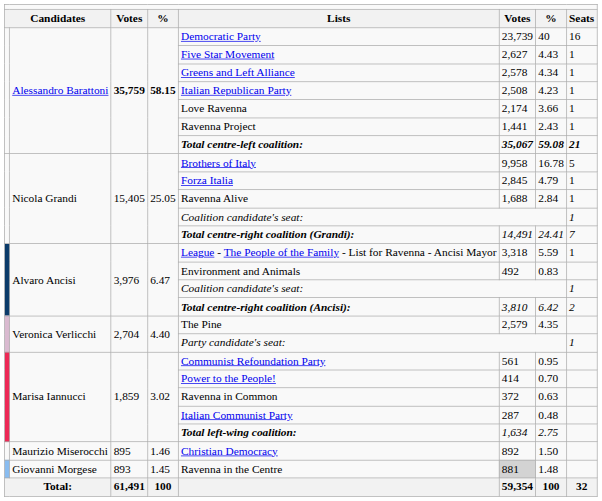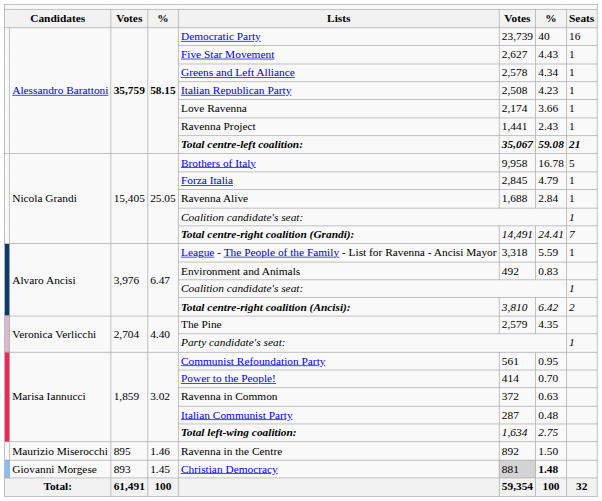 <table class="wikitable">
 <tr>
 <td colspan="8"></td>
 </tr>
 <tr>
 <th colspan="2">Candidates</th>
 <th>Votes</th>
 <th>%</th>
 <th>Lists</th>
 <th>Votes</th>
 <th>%</th>
 <th>Seats</th>
 </tr>
 <tr>
 <td rowspan="7"></td>
 <td rowspan="7"><a href='#'>Alessandro Barattoni</a> </td>
 <td rowspan="7"><strong>35,759</strong></td>
 <td rowspan="7"><strong>58.15</strong></td>
 <td><a href='#'>Democratic Party</a></td>
 <td>23,739</td>
 <td>40</td>
 <td>16</td>
 </tr>
 <tr>
 <td><a href='#'>Five Star Movement</a></td>
 <td>2,627</td>
 <td>4.43</td>
 <td>1</td>
 </tr>
 <tr>
 <td><a href='#'>Greens and Left Alliance</a></td>
 <td>2,578</td>
 <td>4.34</td>
 <td>1</td>
 </tr>
 <tr>
 <td><a href='#'>Italian Republican Party</a></td>
 <td>2,508</td>
 <td>4.23</td>
 <td>1</td>
 </tr>
 <tr>
 <td>Love Ravenna</td>
 <td>2,174</td>
 <td>3.66</td>
 <td>1</td>
 </tr>
 <tr>
 <td>Ravenna Project</td>
 <td>1,441</td>
 <td>2.43</td>
 <td>1</td>
 </tr>
 <tr>
 <td><strong><em>Total centre-left coalition:</em></strong></td>
 <td><strong><em>35,067</em></strong></td>
 <td><strong><em>59.08</em></strong></td>
 <td><strong><em>21</em></strong></td>
 </tr>
 <tr>
 <td rowspan="5"></td>
 <td rowspan="5">Nicola Grandi</td>
 <td rowspan="5">15,405</td>
 <td rowspan="5">25.05</td>
 <td><a href='#'>Brothers of Italy</a></td>
 <td>9,958</td>
 <td>16.78</td>
 <td>5</td>
 </tr>
 <tr>
 <td><a href='#'>Forza Italia</a></td>
 <td>2,845</td>
 <td>4.79</td>
 <td>1</td>
 </tr>
 <tr>
 <td>Ravenna Alive</td>
 <td>1,688</td>
 <td>2.84</td>
 <td>1</td>
 </tr>
 <tr>
 <td colspan="3"><em>Coalition candidate's seat:</em></td>
 <td><em>1</em></td>
 </tr>
 <tr>
 <td><strong><em>Total centre-right coalition (Grandi):</em></strong></td>
 <td><em>14,491</em></td>
 <td><em>24.41</em></td>
 <td><em>7</em></td>
 </tr>
 <tr>
 <td rowspan="4" bgcolor="#0B3B6A"></td>
 <td rowspan="4">Alvaro Ancisi</td>
 <td rowspan="4">3,976</td>
 <td rowspan="4">6.47</td>
 <td><a href='#'>League</a> - <a href='#'>The People of the Family</a> - List for Ravenna - Ancisi Mayor</td>
 <td>3,318</td>
 <td>5.59</td>
 <td>1</td>
 </tr>
 <tr>
 <td>Environment and Animals</td>
 <td>492</td>
 <td>0.83</td>
 <td></td>
 </tr>
 <tr>
 <td colspan="3"><em>Coalition candidate's seat:</em></td>
 <td><em>1</em></td>
 </tr>
 <tr>
 <td><strong><em>Total centre-right coalition (Ancisi):</em></strong></td>
 <td><em>3,810</em></td>
 <td><em>6.42</em></td>
 <td><em>2</em></td>
 </tr>
 <tr>
 <td rowspan="2" bgcolor="#DABAD0"></td>
 <td rowspan="2">Veronica Verlicchi</td>
 <td rowspan="2">2,704</td>
 <td rowspan="2">4.40</td>
 <td>The Pine</td>
 <td>2,579</td>
 <td>4.35</td>
 <td></td>
 </tr>
 <tr>
 <td colspan="3"><em>Party candidate's seat:</em></td>
 <td><em>1</em></td>
 </tr>
 <tr>
 <td rowspan="5" bgcolor="#ED2855"></td>
 <td rowspan="5">Marisa Iannucci</td>
 <td rowspan="5">1,859</td>
 <td rowspan="5">3.02</td>
 <td><a href='#'>Communist Refoundation Party</a></td>
 <td>561</td>
 <td>0.95</td>
 <td></td>
 </tr>
 <tr>
 <td><a href='#'>Power to the People!</a></td>
 <td>414</td>
 <td>0.70</td>
 <td></td>
 </tr>
 <tr>
 <td>Ravenna in Common</td>
 <td>372</td>
 <td>0.63</td>
 <td></td>
 </tr>
 <tr>
 <td><a href='#'>Italian Communist Party</a></td>
 <td>287</td>
 <td>0.48</td>
 <td></td>
 </tr>
 <tr>
 <td><strong><em>Total left-wing coalition:</em></strong></td>
 <td><em>1,634</em></td>
 <td><em>2.75</em></td>
 <td></td>
 </tr>
 <tr>
 <td></td>
 <td>Maurizio Miserocchi</td>
 <td>895</td>
 <td>1.46</td>
-<td><a href='#'>Christian Democracy</a></td>
+<td>Ravenna in the Centre</td>
 <td>892</td>
 <td>1.50</td>
 <td></td>
 </tr>
 <tr>
 <td bgcolor="#89BCF0"></td>
 <td>Giovanni Morgese</td>
 <td>893</td>
 <td>1.45</td>
-<td>Ravenna in the Centre</td>
+<td><a href='#'>Christian Democracy</a></td>
 <td style="background: lightgrey;">881</td>
-<td>1.48</td>
+<td><strong>1.48</strong></td>
 <td></td>
 </tr>
 <tr>
 <th colspan="2">Total:</th>
 <th>61,491</th>
 <th>100</th>
 <th></th>
 <th><strong>59,354</strong></th>
 <th>100</th>
 <th>32</th>
 </tr>
 </table>
